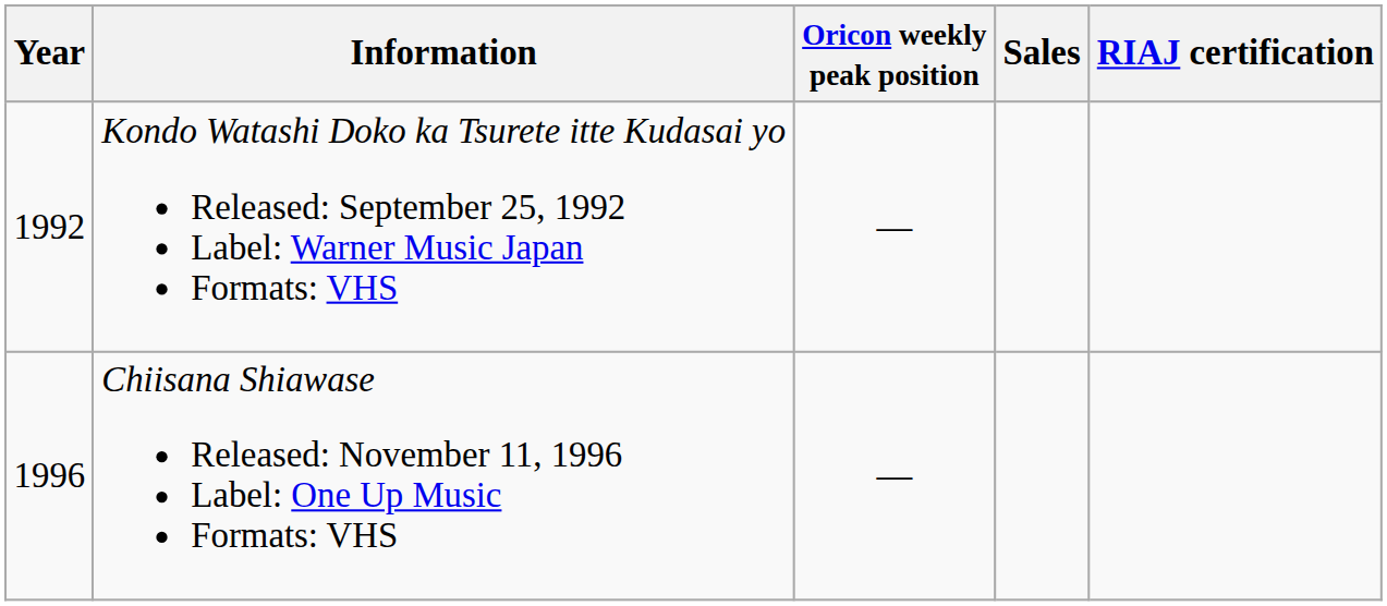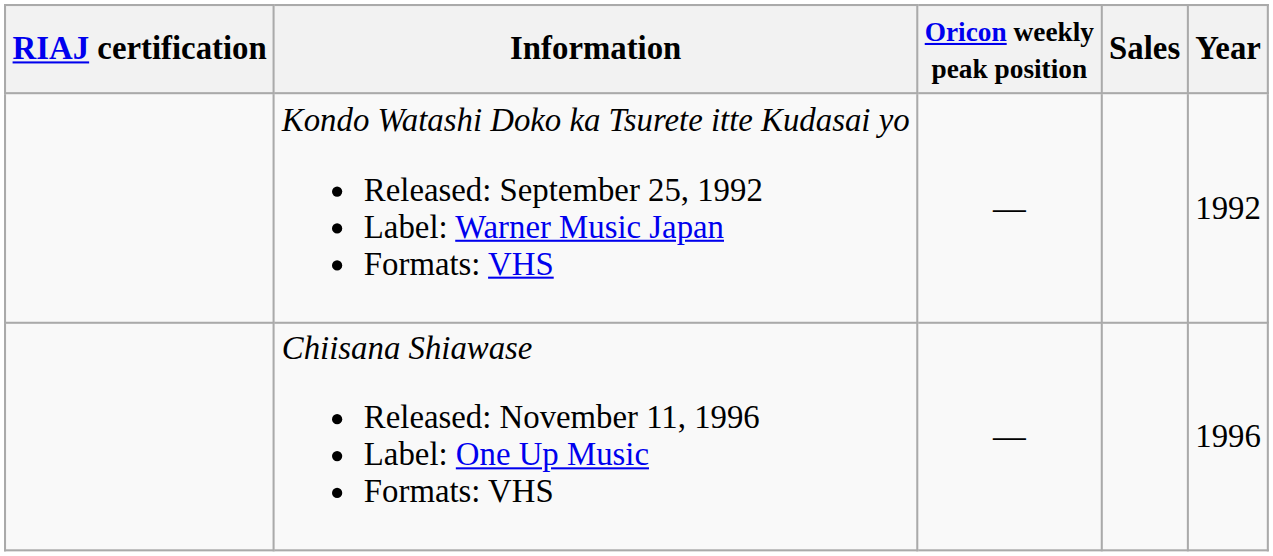 <table class="wikitable">
 <tr>
-<th>Year</th>
+<th><a href='#'>RIAJ</a> certification</th>
 <th>Information</th>
 <th><small><a href='#'>Oricon</a> weekly<br>peak position</small></th>
 <th>Sales<br></th>
-<th><a href='#'>RIAJ</a> certification</th>
+<th>Year</th>
 </tr>
 <tr>
-<td>1992</td>
+<td align="left"></td>
 <td><em>Kondo Watashi Doko ka Tsurete itte Kudasai yo</em><br><ul><li>Released: September 25, 1992</li><li>Label: <a href='#'>Warner Music Japan</a></li><li>Formats: <a href='#'>VHS</a></li></ul></td>
 <td style="text-align:center;">—</td>
 <td align="left"></td>
-<td align="left"></td>
+<td>1992</td>
 </tr>
 <tr>
-<td>1996</td>
+<td align="left"></td>
 <td><em>Chiisana Shiawase</em><br><ul><li>Released: November 11, 1996</li><li>Label: <a href='#'>One Up Music</a></li><li>Formats: VHS</li></ul></td>
 <td style="text-align:center;">—</td>
 <td align="left"></td>
-<td align="left"></td>
+<td>1996</td>
 </tr>
 </table>
